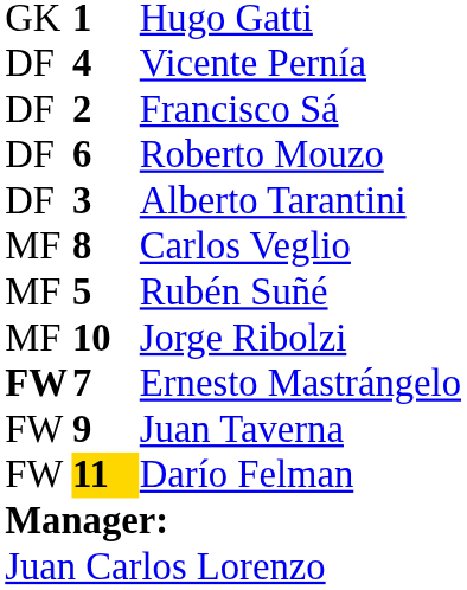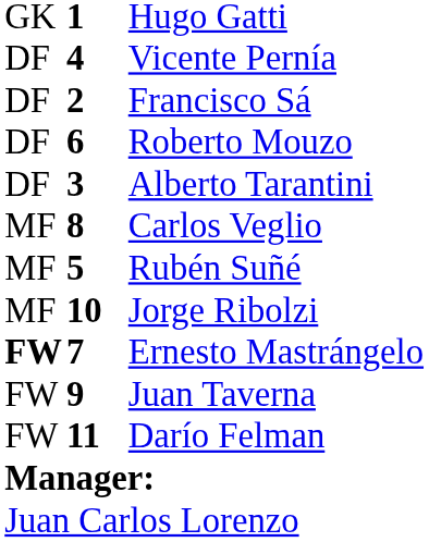 <table style="font-size:90%; margin:0.2em auto;" cellspacing="0" cellpadding="0">
 <tr>
 <th width="25"></th>
 <th width="25"></th>
 </tr>
 <tr>
 <td>GK</td>
 <td><strong>1</strong></td>
 <td> <a href='#'>Hugo Gatti</a></td>
 </tr>
 <tr>
 <td>DF</td>
 <td><strong>4</strong></td>
 <td> <a href='#'>Vicente Pernía</a></td>
 </tr>
 <tr>
 <td>DF</td>
 <td><strong>2</strong></td>
 <td> <a href='#'>Francisco Sá</a></td>
 </tr>
 <tr>
 <td>DF</td>
 <td><strong>6</strong></td>
 <td> <a href='#'>Roberto Mouzo</a></td>
 </tr>
 <tr>
 <td>DF</td>
 <td><strong>3</strong></td>
 <td> <a href='#'>Alberto Tarantini</a></td>
 </tr>
 <tr>
 <td>MF</td>
 <td><strong>8</strong></td>
 <td> <a href='#'>Carlos Veglio</a></td>
 </tr>
 <tr>
 <td>MF</td>
 <td><strong>5</strong></td>
 <td> <a href='#'>Rubén Suñé</a></td>
 </tr>
 <tr>
 <td>MF</td>
 <td><strong>10</strong></td>
 <td> <a href='#'>Jorge Ribolzi</a></td>
 </tr>
 <tr>
 <td><strong>FW</strong></td>
 <td><strong>7</strong></td>
 <td> <a href='#'>Ernesto Mastrángelo</a></td>
 </tr>
 <tr>
 <td>FW</td>
 <td><strong>9</strong></td>
 <td> <a href='#'>Juan Taverna</a></td>
 </tr>
 <tr>
 <td>FW</td>
-<td style="background: gold;"><strong>11</strong></td>
+<td><strong>11</strong></td>
 <td> <a href='#'>Darío Felman</a></td>
 </tr>
 <tr>
 <td colspan=3><strong>Manager:</strong></td>
 </tr>
 <tr>
 <td colspan=4> <a href='#'>Juan Carlos Lorenzo</a></td>
 </tr>
 </table>
